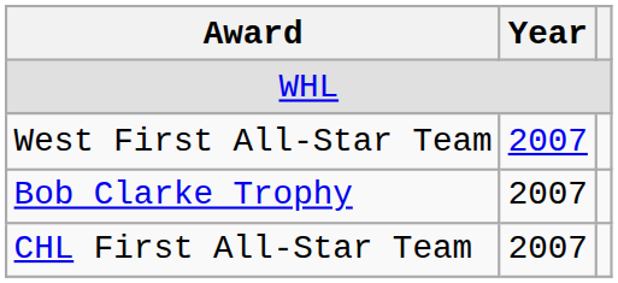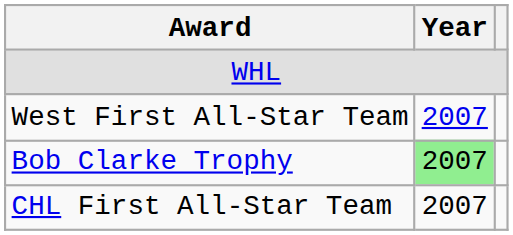 <table class="wikitable">
 <tr>
 <th>Award</th>
 <th>Year</th>
 <th></th>
 </tr>
 <tr ALIGN="center" bgcolor="#e0e0e0">
 <td colspan="3"><a href='#'>WHL</a></td>
 </tr>
 <tr>
 <td>West First All-Star Team</td>
 <td><a href='#'>2007</a></td>
 <td></td>
 </tr>
 <tr>
 <td><a href='#'>Bob Clarke Trophy</a></td>
-<td>2007</td>
+<td style="background: lightgreen;">2007</td>
 <td></td>
 </tr>
 <tr>
 <td><a href='#'>CHL</a> First All-Star Team</td>
 <td>2007</td>
 <td></td>
 </tr>
 </table>
